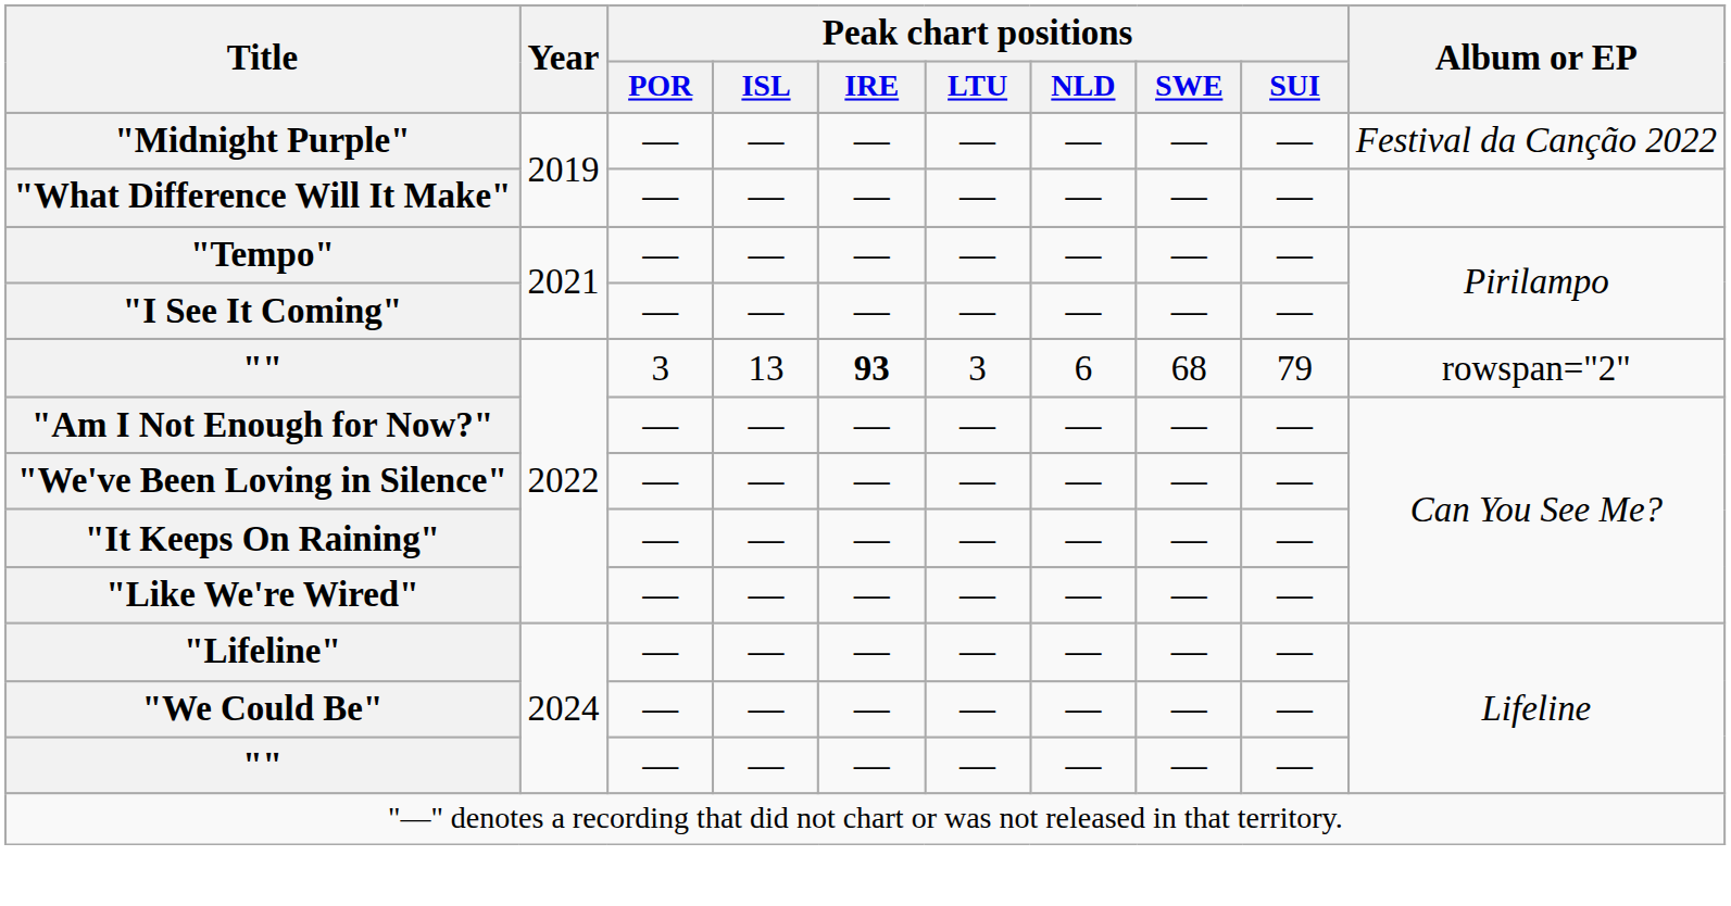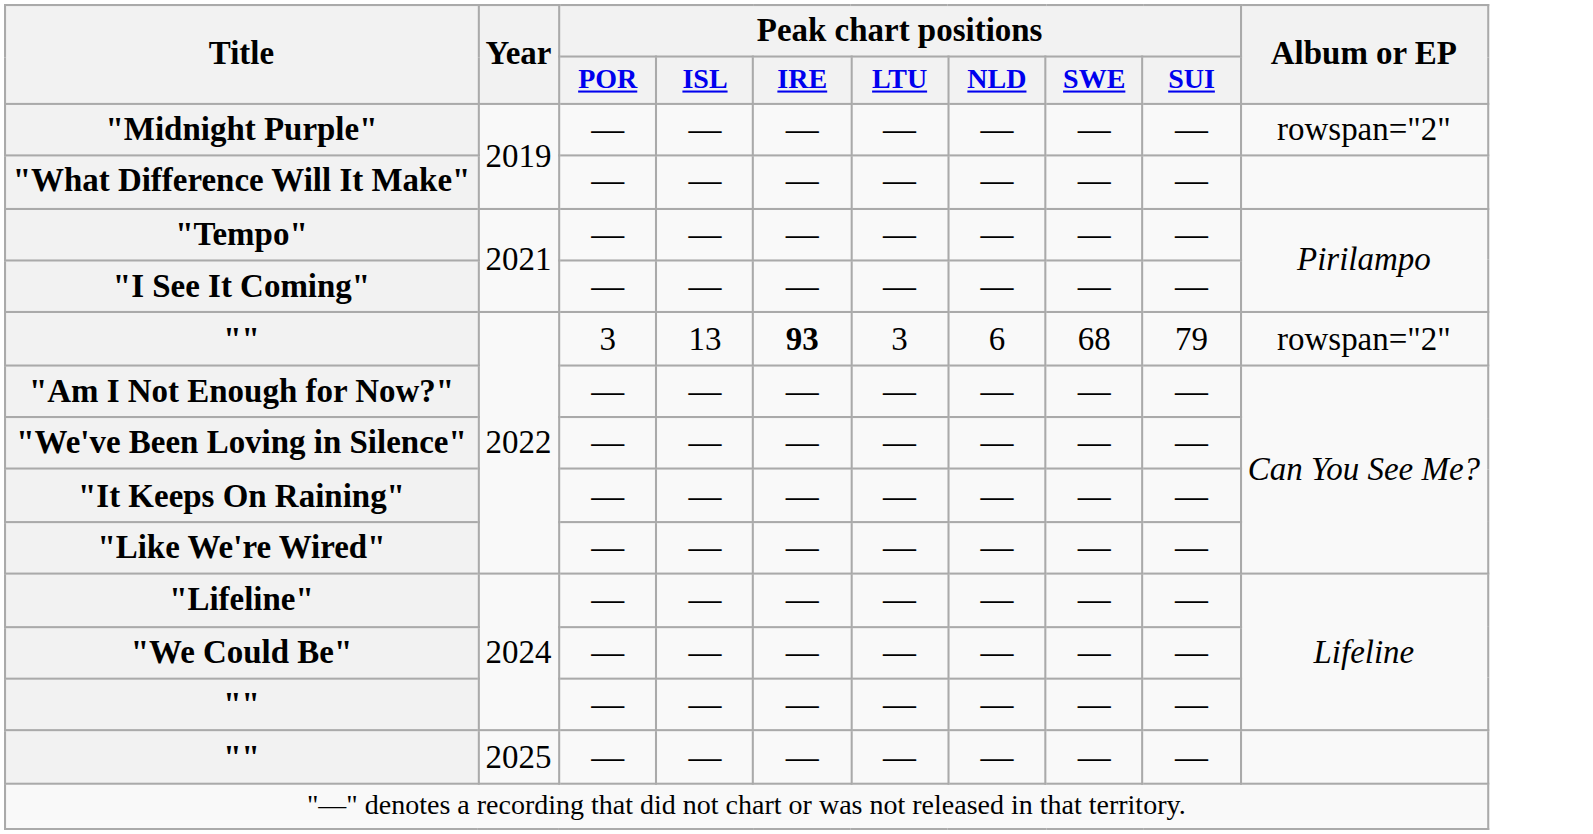 <table class="wikitable plainrowheaders" style="text-align:center;">
 <tr>
 <th scope="col" rowspan="2">Title</th>
 <th scope="col" rowspan="2">Year</th>
 <th scope="col" colspan="7">Peak chart positions</th>
 <th scope="col" rowspan="2">Album or EP</th>
 </tr>
 <tr>
 <th scope="col" style="width:3em;font-size:85%;"><a href='#'>POR</a><br></th>
 <th scope="col" style="width:3em;font-size:85%;"><a href='#'>ISL</a><br></th>
 <th scope="col" style="width:3em;font-size:85%;"><a href='#'>IRE</a><br></th>
 <th scope="col" style="width:3em;font-size:85%;"><a href='#'>LTU</a><br></th>
 <th scope="col" style="width:3em;font-size:85%;"><a href='#'>NLD</a><br></th>
 <th scope="col" style="width:3em;font-size:85%;"><a href='#'>SWE</a><br></th>
 <th scope="col" style="width:3em;font-size:85%;"><a href='#'>SUI</a><br></th>
 </tr>
 <tr>
 <th scope="row">"Midnight Purple"<br></th>
 <td rowspan="2">2019</td>
 <td>—</td>
 <td>—</td>
 <td>—</td>
 <td>—</td>
 <td>—</td>
 <td>—</td>
 <td>—</td>
-<td><em>Festival da Canção 2022</em></td>
+<td>rowspan="2" </td>
 </tr>
 <tr>
 <th scope="row">"What Difference Will It Make"</th>
 <td>—</td>
 <td>—</td>
 <td>—</td>
 <td>—</td>
 <td>—</td>
 <td>—</td>
 <td>—</td>
 </tr>
 <tr>
 <th scope="row">"Tempo"<br></th>
 <td rowspan="2">2021</td>
 <td>—</td>
 <td>—</td>
 <td>—</td>
 <td>—</td>
 <td>—</td>
 <td>—</td>
 <td>—</td>
 <td rowspan="2"><em>Pirilampo</em></td>
 </tr>
 <tr>
 <th scope="row">"I See It Coming"<br></th>
 <td>—</td>
 <td>—</td>
 <td>—</td>
 <td>—</td>
 <td>—</td>
 <td>—</td>
 <td>—</td>
 </tr>
 <tr>
 <th scope="row">""</th>
 <td rowspan="5">2022</td>
 <td>3</td>
 <td>13</td>
 <td><strong>93</strong></td>
 <td>3</td>
 <td>6</td>
 <td>68</td>
 <td>79</td>
 <td>rowspan="2" </td>
 </tr>
 <tr>
 <th scope="row">"Am I Not Enough for Now?"</th>
 <td>—</td>
 <td>—</td>
 <td>—</td>
 <td>—</td>
 <td>—</td>
 <td>—</td>
 <td>—</td>
 <td rowspan="4"><em>Can You See Me?</em></td>
 </tr>
 <tr>
 <th scope="row">"We've Been Loving in Silence"</th>
 <td>—</td>
 <td>—</td>
 <td>—</td>
 <td>—</td>
 <td>—</td>
 <td>—</td>
 <td>—</td>
 </tr>
 <tr>
 <th scope="row">"It Keeps On Raining"</th>
 <td>—</td>
 <td>—</td>
 <td>—</td>
 <td>—</td>
 <td>—</td>
 <td>—</td>
 <td>—</td>
 </tr>
 <tr>
 <th scope="row">"Like We're Wired"</th>
 <td>—</td>
 <td>—</td>
 <td>—</td>
 <td>—</td>
 <td>—</td>
 <td>—</td>
 <td>—</td>
 </tr>
 <tr>
 <th scope="row">"Lifeline"<br></th>
 <td rowspan="3">2024</td>
 <td>—</td>
 <td>—</td>
 <td>—</td>
 <td>—</td>
 <td>—</td>
 <td>—</td>
 <td>—</td>
 <td rowspan="3"><em>Lifeline</em></td>
 </tr>
 <tr>
 <th scope="row">"We Could Be"<br></th>
 <td>—</td>
 <td>—</td>
 <td>—</td>
 <td>—</td>
 <td>—</td>
 <td>—</td>
 <td>—</td>
 </tr>
 <tr>
 <th scope="row">""<br></th>
 <td>—</td>
 <td>—</td>
 <td>—</td>
 <td>—</td>
 <td>—</td>
 <td>—</td>
 <td>—</td>
 </tr>
 <tr>
+<th scope="row">""</th>
+<td>2025</td>
+<td>—</td>
+<td>—</td>
+<td>—</td>
+<td>—</td>
+<td>—</td>
+<td>—</td>
+<td>—</td>
+<td></td>
+</tr>
+<tr>
 <td colspan="10" style="font-size:85%">"—" denotes a recording that did not chart or was not released in that territory.</td>
 </tr>
 </table>
